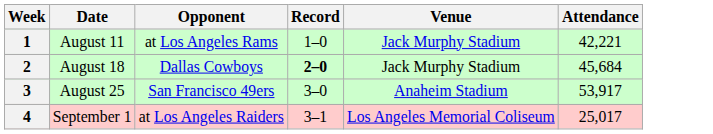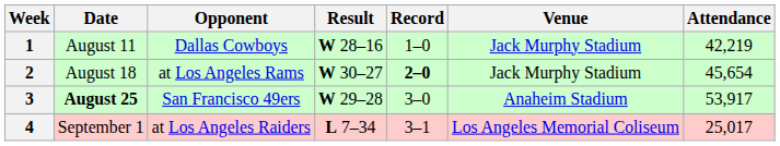 <table class="wikitable" style="text-align:center">
 <tr>
 <th>Week</th>
 <th>Date</th>
 <th>Opponent</th>
+<th>Result</th>
 <th>Record</th>
 <th>Venue</th>
 <th>Attendance</th>
 </tr>
 <tr style="background: #cfc;">
 <th>1</th>
 <td>August 11</td>
-<td>at <a href='#'>Los Angeles Rams</a></td>
+<td><a href='#'>Dallas Cowboys</a></td>
+<td><strong>W</strong> 28–16</td>
 <td>1–0</td>
 <td><a href='#'>Jack Murphy Stadium</a></td>
-<td>42,221</td>
+<td>42,219</td>
 </tr>
 <tr style="background: #cfc;">
 <th>2</th>
 <td>August 18</td>
-<td><a href='#'>Dallas Cowboys</a></td>
+<td>at <a href='#'>Los Angeles Rams</a></td>
+<td><strong>W</strong> 30–27</td>
 <td><strong>2–0</strong></td>
 <td>Jack Murphy Stadium</td>
-<td>45,684</td>
+<td>45,654</td>
 </tr>
 <tr style="background: #cfc;">
 <th>3</th>
-<td>August 25</td>
+<td><strong>August 25</strong></td>
 <td><a href='#'>San Francisco 49ers</a></td>
+<td><strong>W</strong> 29–28</td>
 <td>3–0</td>
 <td><a href='#'>Anaheim Stadium</a></td>
 <td>53,917</td>
 </tr>
 <tr style="background: #fcc;">
 <th>4</th>
 <td>September 1</td>
 <td>at <a href='#'>Los Angeles Raiders</a></td>
+<td><strong>L</strong> 7–34</td>
 <td>3–1</td>
 <td><a href='#'>Los Angeles Memorial Coliseum</a></td>
 <td>25,017</td>
 </tr>
 </table>
